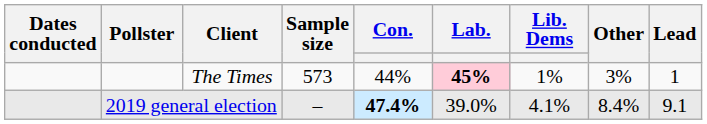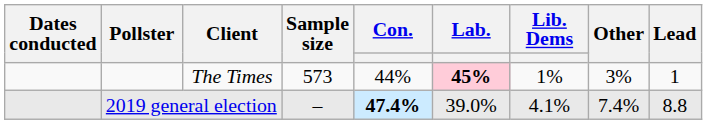 <table class="wikitable sortable mw-datatable" style="text-align:center; font-size:90%; line-height:14px;">
 <tr>
 <th rowspan="2">Dates<br>conducted</th>
 <th rowspan="2">Pollster</th>
 <th rowspan="2">Client</th>
 <th data-sort-type="number" rowspan="2">Sample<br>size</th>
 <th class="unsortable" style="width:50px;"><a href='#'>Con.</a></th>
 <th class="unsortable" style="width:50px;"><a href='#'>Lab.</a></th>
 <th class="unsortable" style="width:50px;"><a href='#'>Lib. Dems</a></th>
 <th class="unsortable" rowspan="2">Other</th>
 <th data-sort-type="number" rowspan="2">Lead</th>
 </tr>
 <tr>
 <th data-sort-type="number" style="background:"></th>
 <th data-sort-type="number" style="background:"></th>
 <th data-sort-type="number" style="background:"></th>
 </tr>
 <tr>
 <td></td>
 <td></td>
 <td><em>The Times</em></td>
 <td>573</td>
 <td>44%</td>
 <td style="background:#FFCCD9"><strong>45%</strong></td>
 <td>1%</td>
 <td>3%</td>
 <td style="background:">1</td>
 </tr>
 <tr style="background:#e9e9e9;">
 <td></td>
 <td colspan="2"><a href='#'>2019 general election</a></td>
 <td>–</td>
 <td style="background:#CCEBFF;"><strong>47.4%</strong></td>
 <td>39.0%</td>
 <td>4.1%</td>
-<td>8.4%</td>
-<td style="background:">9.1</td>
+<td>7.4%</td>
+<td style="background:">8.8</td>
 </tr>
 </table>
